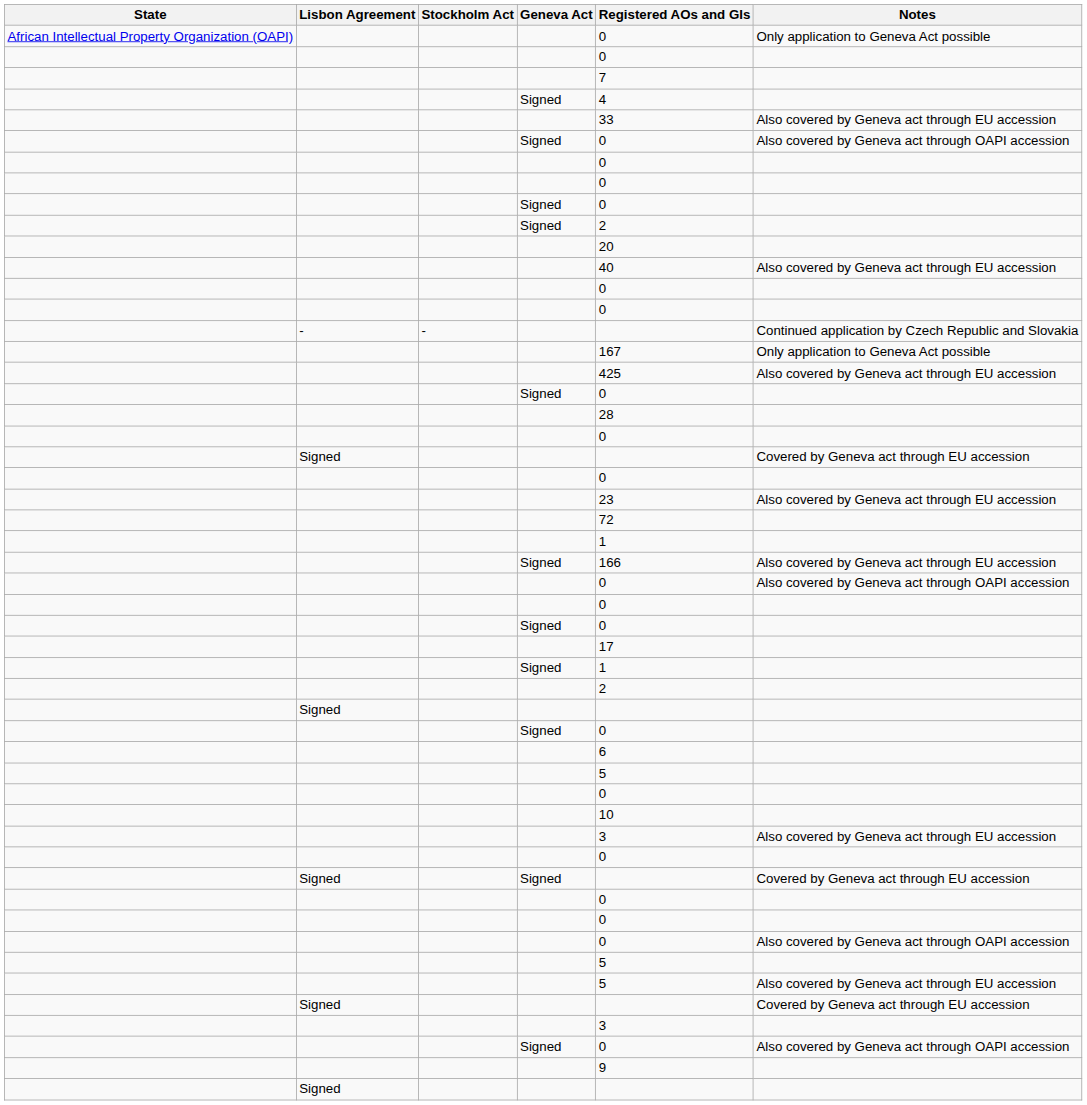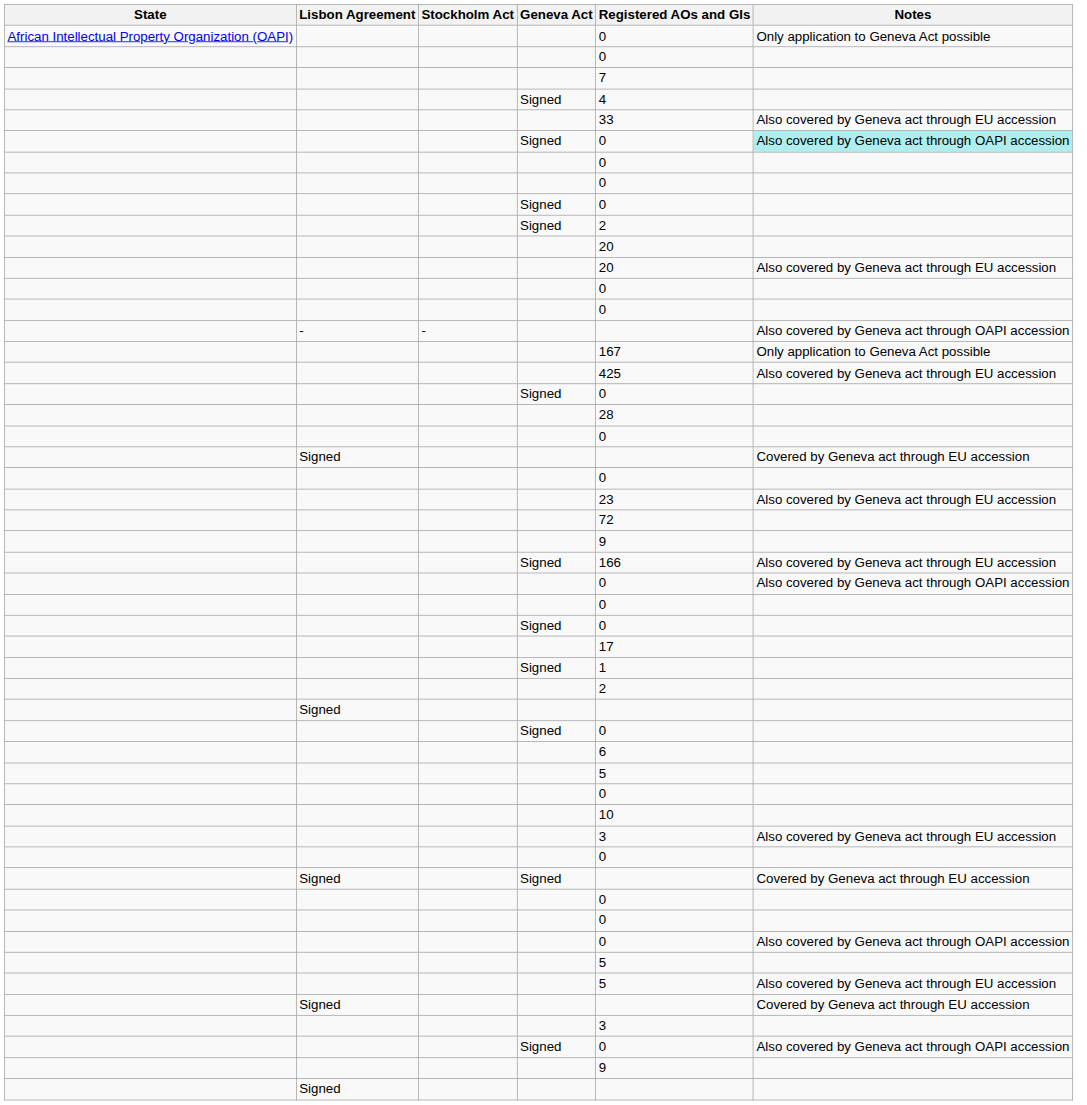 <table class="wikitable sortable">
 <tr>
 <th>State</th>
 <th>Lisbon Agreement</th>
 <th>Stockholm Act</th>
 <th>Geneva Act</th>
 <th>Registered AOs and GIs</th>
 <th>Notes</th>
 </tr>
 <tr>
 <td> <a href='#'>African Intellectual Property Organization (OAPI)</a></td>
 <td></td>
 <td></td>
 <td></td>
 <td>0</td>
 <td>Only application to Geneva Act possible</td>
 </tr>
 <tr>
 <td></td>
 <td></td>
 <td></td>
 <td></td>
 <td>0</td>
 <td></td>
 </tr>
 <tr>
 <td></td>
 <td></td>
 <td></td>
 <td></td>
 <td>7</td>
 <td></td>
 </tr>
 <tr>
 <td></td>
 <td></td>
 <td></td>
 <td>Signed</td>
 <td>4</td>
 <td></td>
 </tr>
 <tr>
 <td></td>
 <td></td>
 <td></td>
 <td></td>
 <td>33</td>
 <td>Also covered by Geneva act through EU accession</td>
 </tr>
 <tr>
 <td></td>
 <td></td>
 <td></td>
 <td>Signed</td>
 <td>0</td>
-<td>Also covered by Geneva act through OAPI accession</td>
+<td style="background: paleturquoise;">Also covered by Geneva act through OAPI accession</td>
 </tr>
 <tr>
 <td></td>
 <td></td>
 <td></td>
 <td></td>
 <td>0</td>
 <td></td>
 </tr>
 <tr>
 <td></td>
 <td></td>
 <td></td>
 <td></td>
 <td>0</td>
 <td></td>
 </tr>
 <tr>
 <td></td>
 <td></td>
 <td></td>
 <td>Signed</td>
 <td>0</td>
 <td></td>
 </tr>
 <tr>
 <td></td>
 <td></td>
 <td></td>
 <td>Signed</td>
 <td>2</td>
 <td></td>
 </tr>
 <tr>
 <td></td>
 <td></td>
 <td></td>
 <td></td>
 <td>20</td>
 <td></td>
 </tr>
 <tr>
 <td></td>
 <td></td>
 <td></td>
 <td></td>
-<td>40</td>
+<td>20</td>
 <td>Also covered by Geneva act through EU accession</td>
 </tr>
 <tr>
 <td></td>
 <td></td>
 <td></td>
 <td></td>
 <td>0</td>
 <td></td>
 </tr>
 <tr>
 <td></td>
 <td></td>
 <td></td>
 <td></td>
 <td>0</td>
 <td></td>
 </tr>
 <tr>
 <td><em></em></td>
 <td><em></em>-<br><em></em></td>
 <td><em></em>-<br><em></em></td>
 <td></td>
 <td></td>
-<td>Continued application by Czech Republic and Slovakia</td>
+<td>Also covered by Geneva act through OAPI accession</td>
 </tr>
 <tr>
 <td></td>
 <td></td>
 <td></td>
 <td></td>
 <td>167</td>
 <td>Only application to Geneva Act possible</td>
 </tr>
 <tr>
 <td></td>
 <td></td>
 <td></td>
 <td></td>
 <td>425</td>
 <td>Also covered by Geneva act through EU accession</td>
 </tr>
 <tr>
 <td></td>
 <td></td>
 <td></td>
 <td>Signed</td>
 <td>0</td>
 <td></td>
 </tr>
 <tr>
 <td></td>
 <td></td>
 <td></td>
 <td></td>
 <td>28</td>
 <td></td>
 </tr>
 <tr>
 <td></td>
 <td></td>
 <td></td>
 <td></td>
 <td>0</td>
 <td></td>
 </tr>
 <tr>
 <td></td>
 <td>Signed</td>
 <td></td>
 <td></td>
 <td></td>
 <td>Covered by Geneva act through EU accession</td>
 </tr>
 <tr>
 <td></td>
 <td></td>
 <td></td>
 <td></td>
 <td>0</td>
 <td></td>
 </tr>
 <tr>
 <td></td>
 <td></td>
 <td></td>
 <td></td>
 <td>23</td>
 <td>Also covered by Geneva act through EU accession</td>
 </tr>
 <tr>
 <td></td>
 <td></td>
 <td></td>
 <td></td>
 <td>72</td>
 <td></td>
 </tr>
 <tr>
 <td></td>
 <td></td>
 <td></td>
 <td></td>
-<td>1</td>
+<td>9</td>
 <td></td>
 </tr>
 <tr>
 <td></td>
 <td></td>
 <td></td>
 <td>Signed</td>
 <td>166</td>
 <td>Also covered by Geneva act through EU accession</td>
 </tr>
 <tr>
 <td></td>
 <td></td>
 <td></td>
 <td></td>
 <td>0</td>
 <td>Also covered by Geneva act through OAPI accession</td>
 </tr>
 <tr>
 <td></td>
 <td></td>
 <td></td>
 <td></td>
 <td>0</td>
 <td></td>
 </tr>
 <tr>
 <td></td>
 <td></td>
 <td></td>
 <td>Signed</td>
 <td>0</td>
 <td></td>
 </tr>
 <tr>
 <td></td>
 <td></td>
 <td></td>
 <td></td>
 <td>17</td>
 <td></td>
 </tr>
 <tr>
 <td></td>
 <td></td>
 <td></td>
 <td>Signed</td>
 <td>1</td>
 <td></td>
 </tr>
 <tr>
 <td></td>
 <td></td>
 <td></td>
 <td></td>
 <td>2</td>
 <td></td>
 </tr>
 <tr>
 <td></td>
 <td>Signed</td>
 <td></td>
 <td></td>
 <td></td>
 <td></td>
 </tr>
 <tr>
 <td></td>
 <td></td>
 <td></td>
 <td>Signed</td>
 <td>0</td>
 <td></td>
 </tr>
 <tr>
 <td></td>
 <td></td>
 <td></td>
 <td></td>
 <td>6</td>
 <td></td>
 </tr>
 <tr>
 <td></td>
 <td></td>
 <td></td>
 <td></td>
 <td>5</td>
 <td></td>
 </tr>
 <tr>
 <td></td>
 <td></td>
 <td></td>
 <td></td>
 <td>0</td>
 <td></td>
 </tr>
 <tr>
 <td></td>
 <td></td>
 <td></td>
 <td></td>
 <td>10</td>
 <td></td>
 </tr>
 <tr>
 <td></td>
 <td></td>
 <td></td>
 <td></td>
 <td>3</td>
 <td>Also covered by Geneva act through EU accession</td>
 </tr>
 <tr>
 <td></td>
 <td></td>
 <td></td>
 <td></td>
 <td>0</td>
 <td></td>
 </tr>
 <tr>
 <td></td>
 <td>Signed</td>
 <td></td>
 <td>Signed</td>
 <td></td>
 <td>Covered by Geneva act through EU accession</td>
 </tr>
 <tr>
 <td></td>
 <td></td>
 <td></td>
 <td></td>
 <td>0</td>
 <td></td>
 </tr>
 <tr>
 <td></td>
 <td></td>
 <td></td>
 <td></td>
 <td>0</td>
 <td></td>
 </tr>
 <tr>
 <td></td>
 <td></td>
 <td></td>
 <td></td>
 <td>0</td>
 <td>Also covered by Geneva act through OAPI accession</td>
 </tr>
 <tr>
 <td></td>
 <td></td>
 <td></td>
 <td></td>
 <td>5</td>
 <td></td>
 </tr>
 <tr>
 <td></td>
 <td></td>
 <td></td>
 <td></td>
 <td>5</td>
 <td>Also covered by Geneva act through EU accession</td>
 </tr>
 <tr>
 <td></td>
 <td>Signed</td>
 <td></td>
 <td></td>
 <td></td>
 <td>Covered by Geneva act through EU accession</td>
 </tr>
 <tr>
 <td></td>
 <td></td>
 <td></td>
 <td></td>
 <td>3</td>
 <td></td>
 </tr>
 <tr>
 <td></td>
 <td></td>
 <td></td>
 <td>Signed</td>
 <td>0</td>
 <td>Also covered by Geneva act through OAPI accession</td>
 </tr>
 <tr>
 <td></td>
 <td></td>
 <td></td>
 <td></td>
 <td>9</td>
 <td></td>
 </tr>
 <tr>
 <td></td>
 <td>Signed</td>
 <td></td>
 <td></td>
 <td></td>
 <td></td>
 </tr>
 </table>
